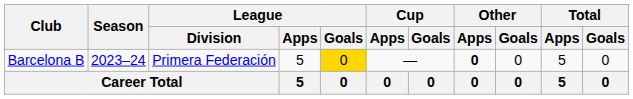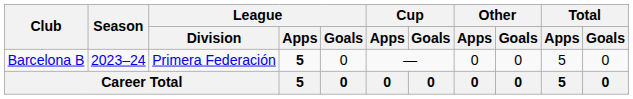 <table class="wikitable" Style="text-align: center">
 <tr>
 <th rowspan="2">Club</th>
 <th rowspan="2">Season</th>
 <th colspan="3">League</th>
 <th colspan="2">Cup</th>
 <th colspan="2">Other</th>
 <th colspan="2">Total</th>
 </tr>
 <tr>
 <th>Division</th>
 <th>Apps</th>
 <th>Goals</th>
 <th>Apps</th>
 <th>Goals</th>
 <th>Apps</th>
 <th>Goals</th>
 <th>Apps</th>
 <th>Goals</th>
 </tr>
 <tr>
 <td><a href='#'>Barcelona B</a></td>
 <td><a href='#'>2023–24</a></td>
 <td><a href='#'>Primera Federación</a></td>
-<td>5</td>
-<td style="background: gold;">0</td>
+<td><strong>5</strong></td>
+<td>0</td>
 <td colspan="2">—</td>
-<td><strong>0</strong></td>
+<td>0</td>
 <td>0</td>
 <td>5</td>
 <td>0</td>
 </tr>
 <tr>
 <th colspan="3">Career Total</th>
 <th>5</th>
 <th>0</th>
 <th>0</th>
 <th>0</th>
 <th>0</th>
 <th>0</th>
 <th>5</th>
 <th>0</th>
 </tr>
 </table>
